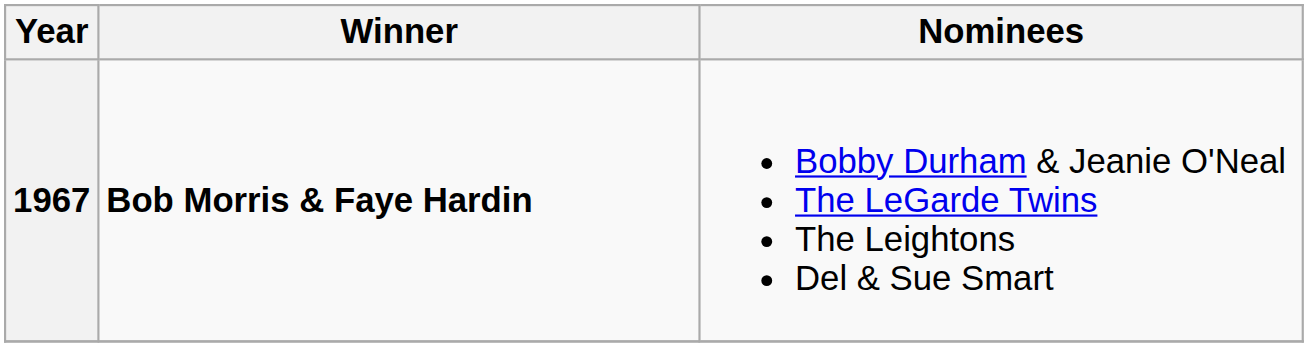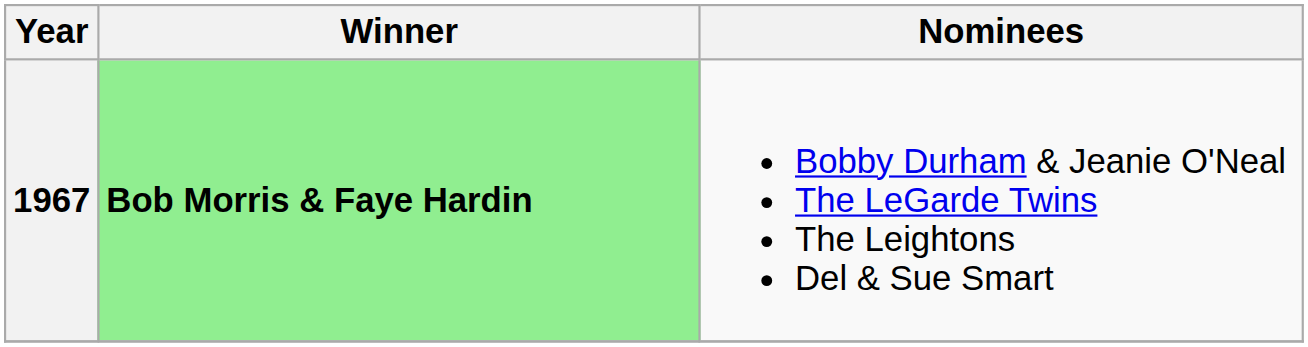 <table class="wikitable sortable">
 <tr>
 <th width="30px">Year</th>
 <th width="270px">Winner</th>
 <th width="270px">Nominees</th>
 </tr>
 <tr>
 <th>1967</th>
-<td> <strong>Bob Morris & Faye Hardin</strong></td>
+<td style="background: lightgreen;"> <strong>Bob Morris & Faye Hardin</strong></td>
 <td><br><ul><li><a href='#'>Bobby Durham</a> & Jeanie O'Neal</li><li><a href='#'>The LeGarde Twins</a></li><li>The Leightons</li><li>Del & Sue Smart</li></ul></td>
 </tr>
 <tr>
 </tr>
 </table>
